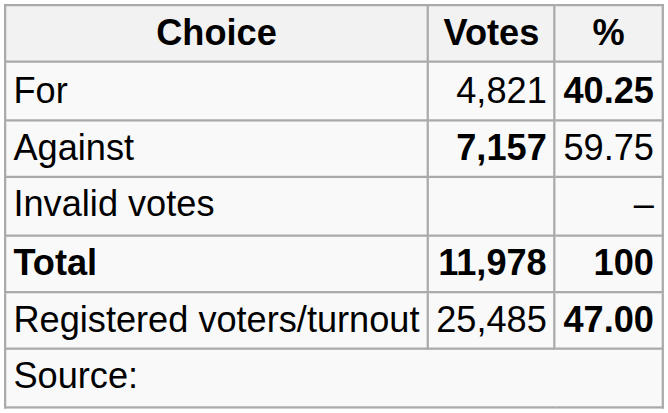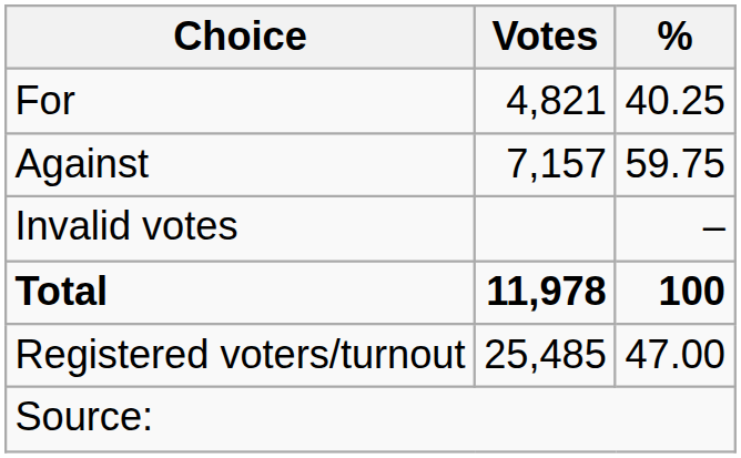 <table class=wikitable style=text-align:right>
 <tr>
 <th>Choice</th>
 <th>Votes</th>
 <th>%</th>
 </tr>
 <tr>
 <td align=left>For</td>
 <td>4,821</td>
-<td><strong>40.25</strong></td>
+<td>40.25</td>
 </tr>
 <tr>
 <td align=left>Against</td>
-<td><strong>7,157</strong></td>
+<td>7,157</td>
 <td>59.75</td>
 </tr>
 <tr>
 <td align=left>Invalid votes</td>
 <td></td>
 <td>–</td>
 </tr>
 <tr>
 <td align=left><strong>Total</strong></td>
 <td><strong>11,978</strong></td>
 <td><strong>100</strong></td>
 </tr>
 <tr>
 <td align=left>Registered voters/turnout</td>
 <td>25,485</td>
-<td><strong>47.00</strong></td>
+<td>47.00</td>
 </tr>
 <tr>
 <td colspan=3 align=left>Source: </td>
 </tr>
 </table>
